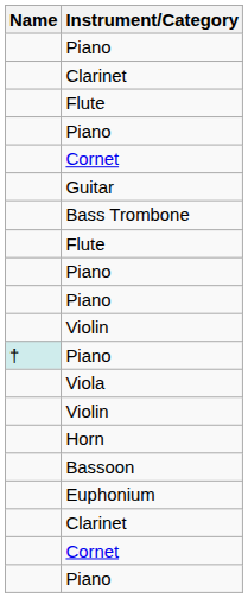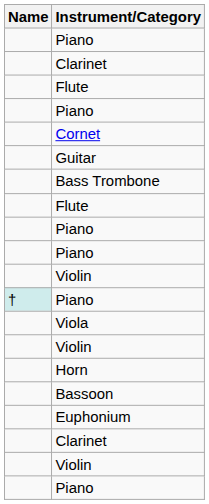 <table class="wikitable sortable" style="font-size: 95%">
 <tr>
 <th>Name</th>
 <th>Instrument/Category</th>
 </tr>
 <tr>
 <td></td>
 <td>Piano</td>
 </tr>
 <tr>
 <td></td>
 <td>Clarinet</td>
 </tr>
 <tr>
 <td></td>
 <td>Flute</td>
 </tr>
 <tr>
 <td></td>
 <td>Piano</td>
 </tr>
 <tr>
 <td></td>
 <td><a href='#'>Cornet</a></td>
 </tr>
 <tr>
 <td><strong></strong></td>
 <td>Guitar</td>
 </tr>
 <tr>
 <td></td>
 <td>Bass Trombone</td>
 </tr>
 <tr>
 <td></td>
 <td>Flute</td>
 </tr>
 <tr>
 <td><strong></strong></td>
 <td>Piano</td>
 </tr>
 <tr>
 <td></td>
 <td>Piano</td>
 </tr>
 <tr>
 <td></td>
 <td>Violin</td>
 </tr>
 <tr>
 <td bgcolor="#CFECEC"><strong></strong>†</td>
 <td>Piano</td>
 </tr>
 <tr>
 <td></td>
 <td>Viola</td>
 </tr>
 <tr>
 <td></td>
 <td>Violin</td>
 </tr>
 <tr>
 <td><strong></strong></td>
 <td>Horn</td>
 </tr>
 <tr>
 <td></td>
 <td>Bassoon</td>
 </tr>
 <tr>
 <td></td>
 <td>Euphonium</td>
 </tr>
 <tr>
 <td></td>
 <td>Clarinet</td>
 </tr>
 <tr>
 <td></td>
-<td><a href='#'>Cornet</a></td>
+<td>Violin</td>
 </tr>
 <tr>
 <td></td>
 <td>Piano</td>
 </tr>
 </table>
